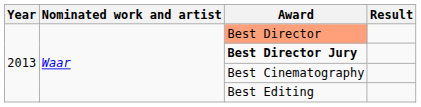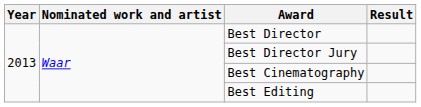 <table class="wikitable">
 <tr>
 <th>Year</th>
 <th>Nominated work and artist</th>
 <th>Award</th>
 <th>Result</th>
 </tr>
 <tr>
 <td rowspan="4">2013</td>
 <td rowspan="4"><em><a href='#'>Waar</a></em></td>
-<td style="background: lightsalmon;">Best Director</td>
+<td>Best Director</td>
 <td></td>
 </tr>
 <tr>
-<td><strong>Best Director Jury</strong></td>
+<td>Best Director Jury</td>
 <td></td>
 </tr>
 <tr>
 <td>Best Cinematography</td>
 <td></td>
 </tr>
 <tr>
 <td>Best Editing</td>
 <td></td>
 </tr>
 </table>
